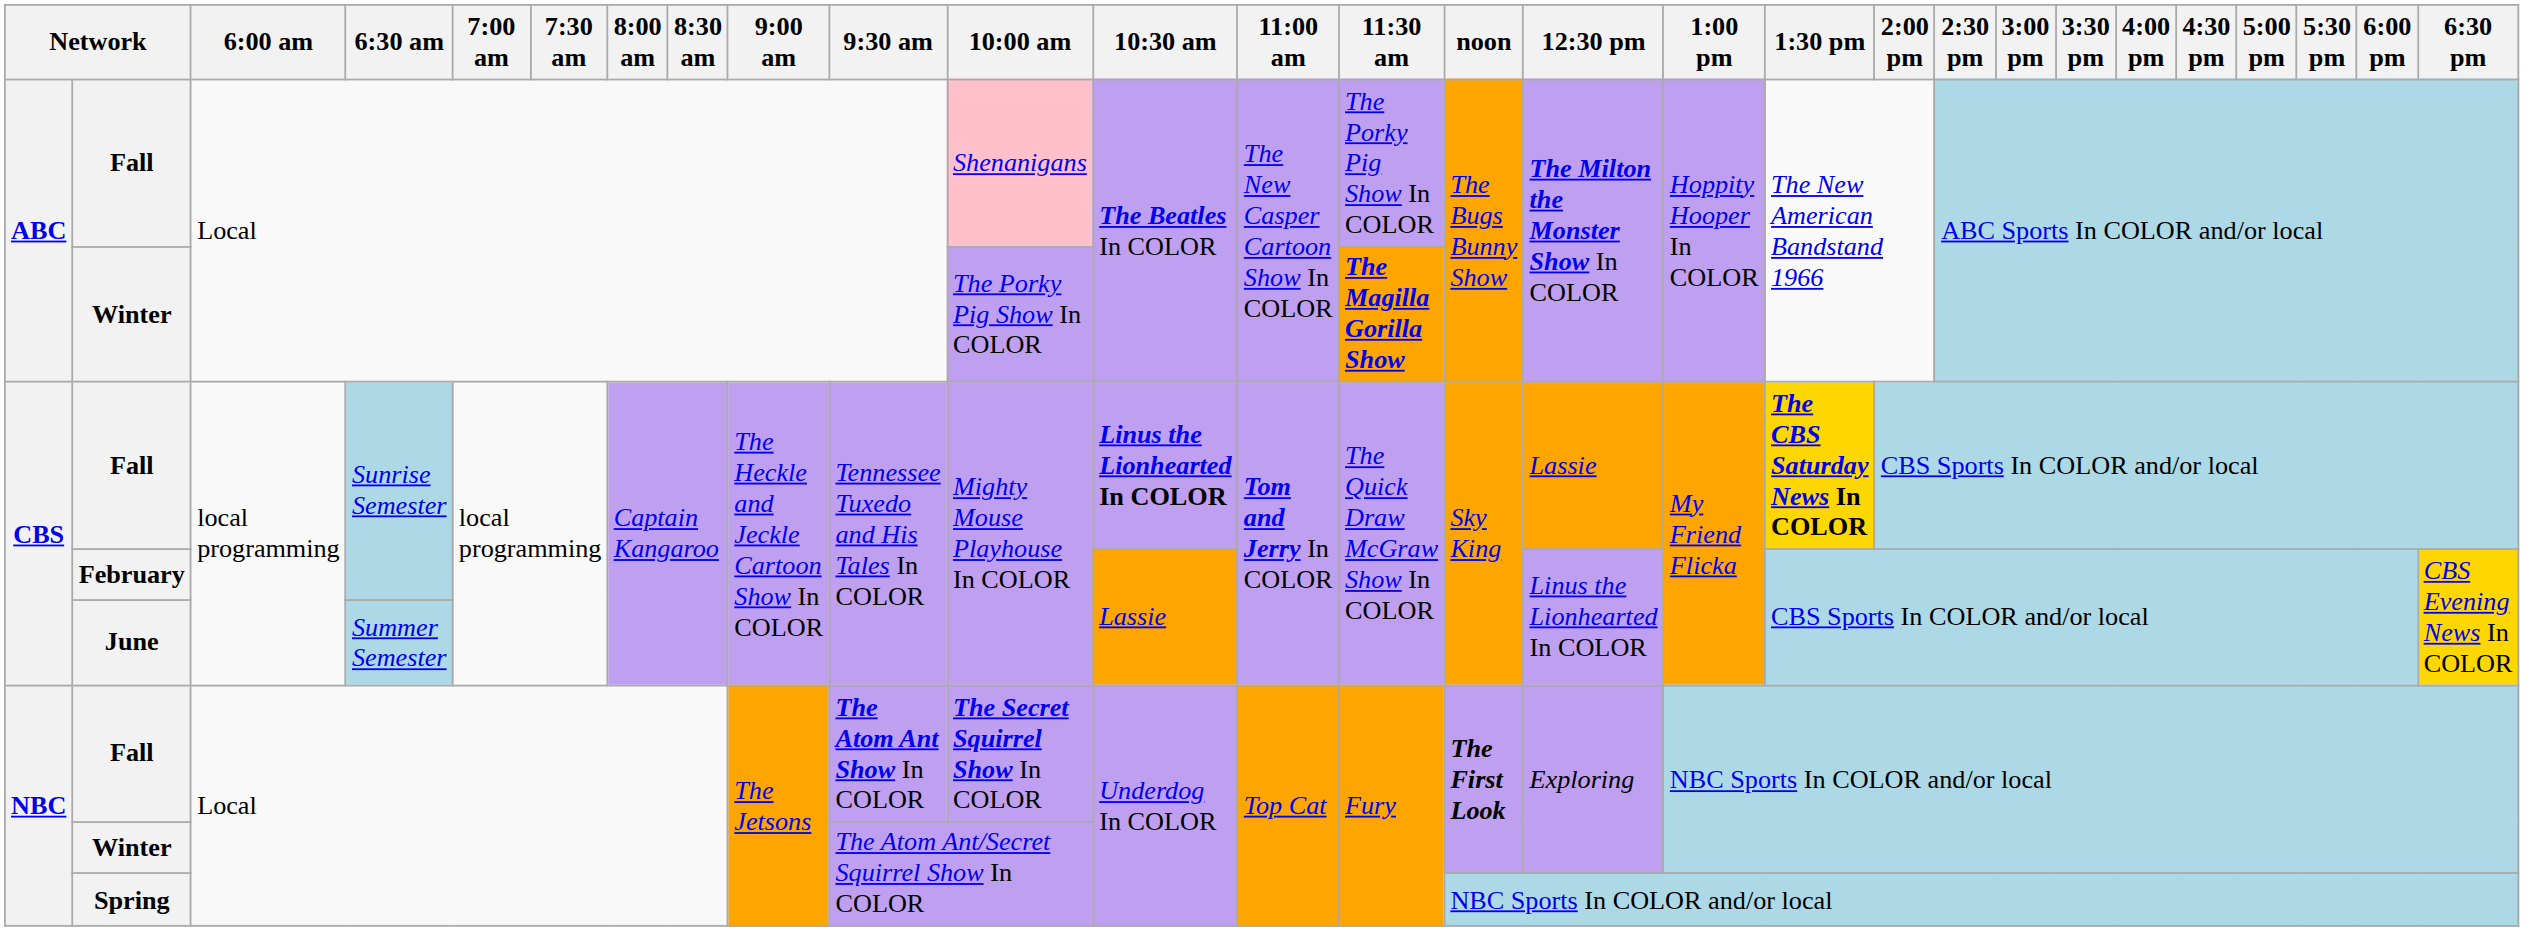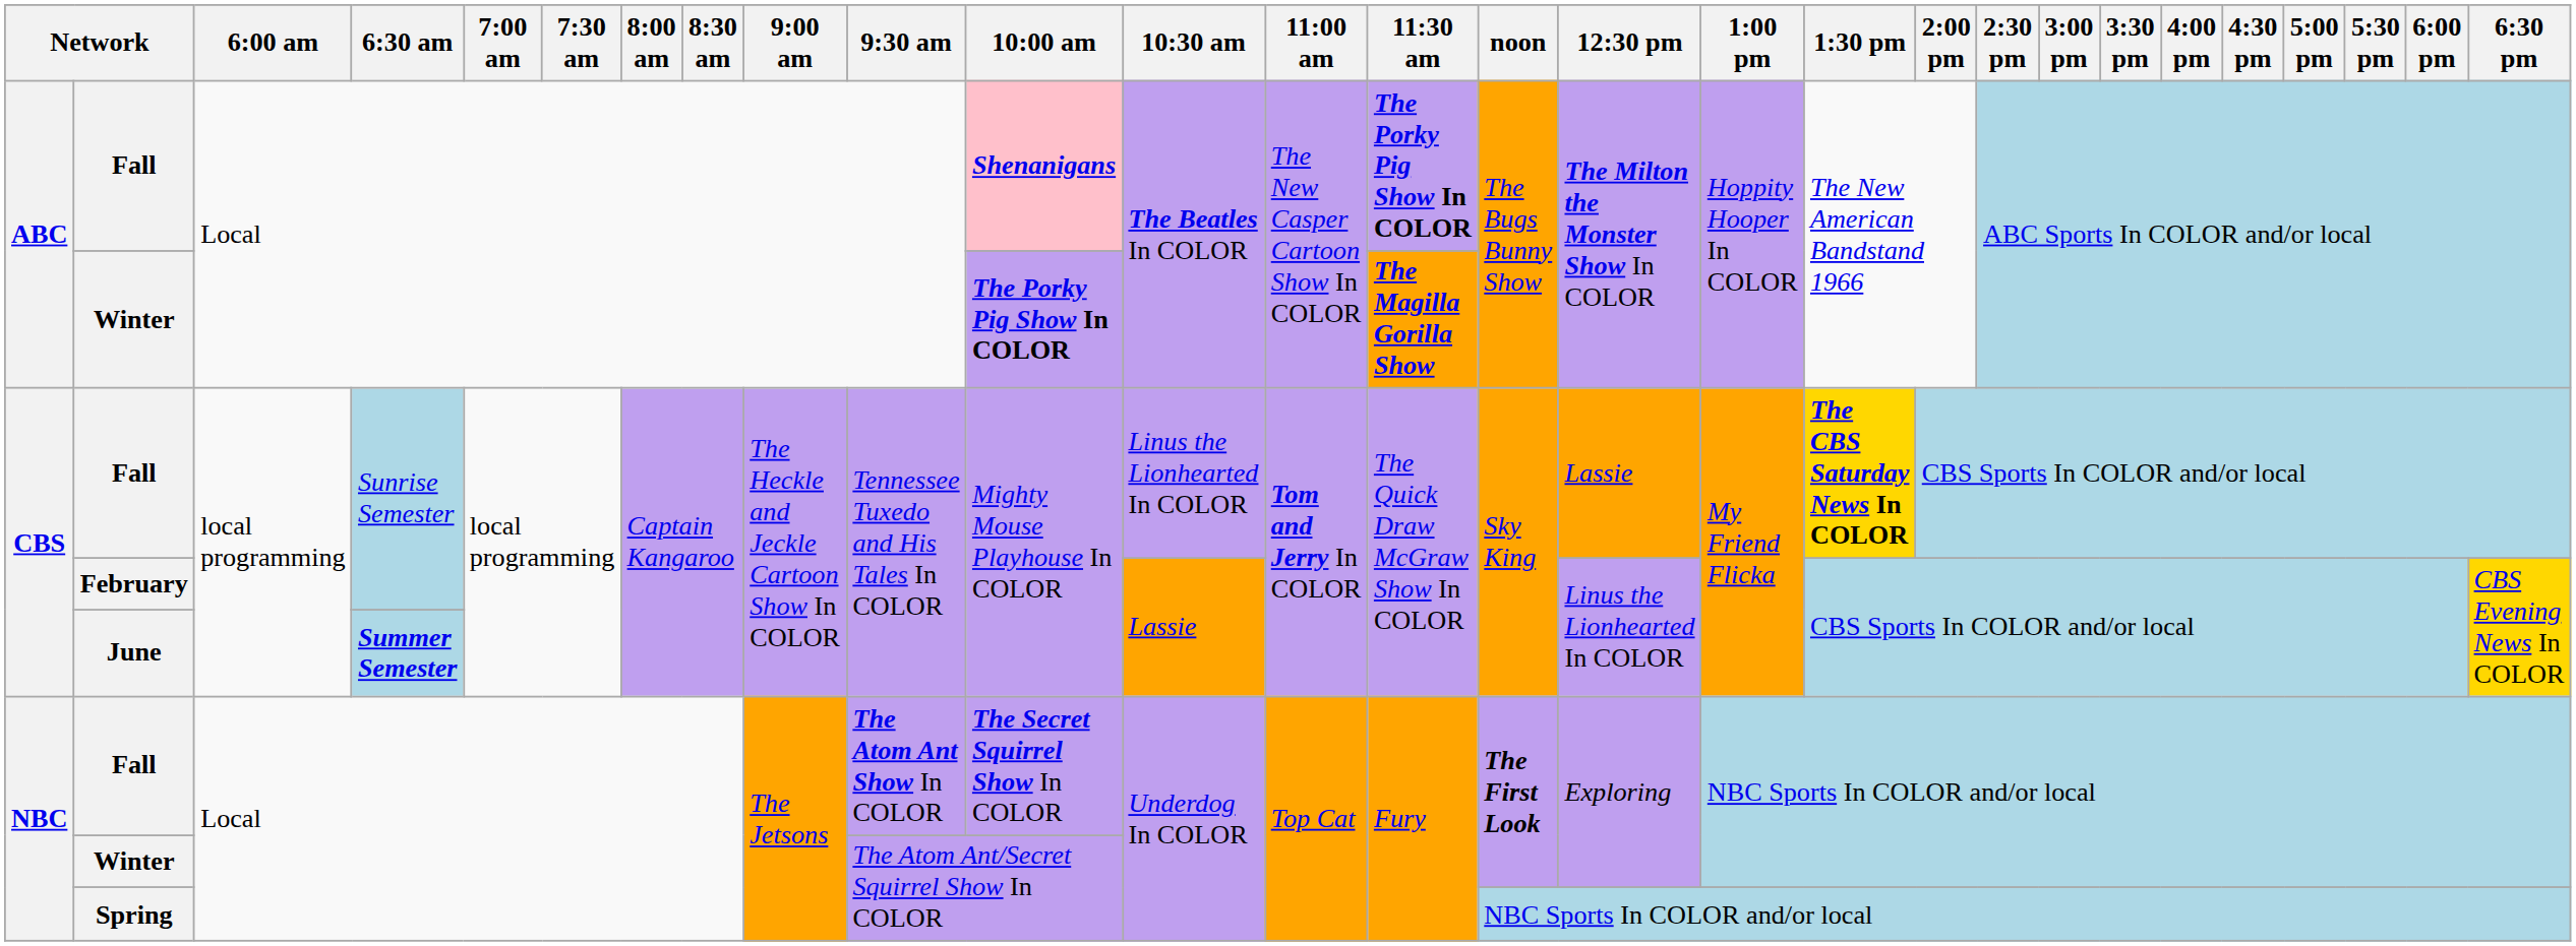 <table class=wikitable style="font-size:90%">
 <tr>
 <th width="1.5%" bgcolor="#C0C0C0" colspan="2">Network</th>
 <th width="4%" bgcolor="#C0C0C0">6:00 am</th>
 <th width="4%" bgcolor="#C0C0C0">6:30 am</th>
 <th width="4%" bgcolor="#C0C0C0">7:00 am</th>
 <th width="4%" bgcolor="#C0C0C0">7:30 am</th>
 <th width="4%" bgcolor="#C0C0C0">8:00 am</th>
 <th width="4%" bgcolor="#C0C0C0">8:30 am</th>
 <th width="4%" bgcolor="#C0C0C0">9:00 am</th>
 <th width="4%" bgcolor="#C0C0C0">9:30 am</th>
 <th width="4%" bgcolor="#C0C0C0">10:00 am</th>
 <th width="4%" bgcolor="#C0C0C0">10:30 am</th>
 <th width="4%" bgcolor="#C0C0C0">11:00 am</th>
 <th width="4%" bgcolor="#C0C0C0">11:30 am</th>
 <th width="4%" bgcolor="#C0C0C0">noon</th>
 <th width="4%" bgcolor="#C0C0C0">12:30 pm</th>
 <th width="4%" bgcolor="#C0C0C0">1:00 pm</th>
 <th width="4%" bgcolor="#C0C0C0">1:30 pm</th>
 <th width="4%" bgcolor="#C0C0C0">2:00 pm</th>
 <th width="4%" bgcolor="#C0C0C0">2:30 pm</th>
 <th width="4%" bgcolor="#C0C0C0">3:00 pm</th>
 <th width="4%" bgcolor="#C0C0C0">3:30 pm</th>
 <th width="4%" bgcolor="#C0C0C0">4:00 pm</th>
 <th>4:30 pm</th>
 <th>5:00 pm</th>
 <th>5:30 pm</th>
 <th>6:00 pm</th>
 <th>6:30 pm</th>
 </tr>
 <tr>
 <th rowspan="2" bgcolor="#C0C0C0"><a href='#'>ABC</a></th>
 <th>Fall</th>
 <td colspan="8" rowspan="2">Local</td>
-<td rowspan="1" bgcolor="pink"><em><a href='#'>Shenanigans</a></em></td>
+<td rowspan="1" bgcolor="pink"><strong><em><a href='#'>Shenanigans</a></em></strong></td>
 <td rowspan="2" bgcolor="bf9fef"><strong><em><a href='#'>The Beatles</a></em></strong> In <span>C</span><span>O</span><span>L</span><span>O</span><span>R</span></td>
 <td rowspan="2" bgcolor="bf9fef"><em><a href='#'>The New Casper Cartoon Show</a></em>  In <span>C</span><span>O</span><span>L</span><span>O</span><span>R</span></td>
-<td bgcolor="bf9fef"><em><a href='#'>The Porky Pig Show</a></em> In <span>C</span><span>O</span><span>L</span><span>O</span><span>R</span></td>
+<td bgcolor="bf9fef"><strong><em><a href='#'>The Porky Pig Show</a></em> In <span>C</span><span>O</span><span>L</span><span>O</span><span>R</span></strong></td>
 <td rowspan="2" bgcolor="orange"><em><a href='#'>The Bugs Bunny Show</a></em> </td>
 <td rowspan="2" bgcolor="bf9fef"><strong><em><a href='#'>The Milton the Monster Show</a></em></strong> In <span>C</span><span>O</span><span>L</span><span>O</span><span>R</span></td>
 <td rowspan="2" bgcolor="bf9fef"><em><a href='#'>Hoppity Hooper</a></em> In <span>C</span><span>O</span><span>L</span><span>O</span><span>R</span></td>
 <td colspan="2" rowspan="2"><em><a href='#'>The New American Bandstand 1966</a></em></td>
 <td colspan="9" rowspan="2" bgcolor="lightblue"><a href='#'>ABC Sports</a> In <span>C</span><span>O</span><span>L</span><span>O</span><span>R</span> and/or local</td>
 </tr>
 <tr>
 <th>Winter</th>
-<td bgcolor=bf9fef><em><a href='#'>The Porky Pig Show</a></em> In <span>C</span><span>O</span><span>L</span><span>O</span><span>R</span></td>
+<td bgcolor=bf9fef><strong><em><a href='#'>The Porky Pig Show</a></em> In <span>C</span><span>O</span><span>L</span><span>O</span><span>R</span></strong></td>
 <td bgcolor="orange"><strong><em><a href='#'>The Magilla Gorilla Show</a></em></strong> </td>
 </tr>
 <tr>
 <th rowspan="3" bgcolor="#C0C0C0"><a href='#'>CBS</a></th>
 <th>Fall</th>
 <td rowspan="3">local programming</td>
 <td bgcolor="lightblue" rowspan="2"><em><a href='#'>Sunrise Semester</a></em></td>
 <td colspan="2" rowspan="3">local programming</td>
 <td colspan="2" rowspan="3" bgcolor="bf9fef"><em><a href='#'>Captain Kangaroo</a></em></td>
 <td rowspan="3" bgcolor="bf9fef"><em><a href='#'>The Heckle and Jeckle Cartoon Show</a></em> In <span>C</span><span>O</span><span>L</span><span>O</span><span>R</span></td>
 <td rowspan="3" bgcolor="bf9fef"><em><a href='#'>Tennessee Tuxedo and His Tales</a></em> In <span>C</span><span>O</span><span>L</span><span>O</span><span>R</span></td>
 <td rowspan="3" bgcolor="bf9fef"><em><a href='#'>Mighty Mouse Playhouse</a></em> In <span>C</span><span>O</span><span>L</span><span>O</span><span>R</span></td>
-<td bgcolor="bf9fef"><strong><em><a href='#'>Linus the Lionhearted</a></em> In <span>C</span><span>O</span><span>L</span><span>O</span><span>R</span></strong></td>
+<td bgcolor="bf9fef"><em><a href='#'>Linus the Lionhearted</a></em> In <span>C</span><span>O</span><span>L</span><span>O</span><span>R</span></td>
 <td rowspan="3" bgcolor="bf9fef"><strong><em><a href='#'>Tom and Jerry</a></em></strong> In <span>C</span><span>O</span><span>L</span><span>O</span><span>R</span></td>
 <td rowspan="3" bgcolor="bf9fef"><em><a href='#'>The Quick Draw McGraw Show</a></em>  In <span>C</span><span>O</span><span>L</span><span>O</span><span>R</span></td>
 <td rowspan="3" bgcolor="orange"><em><a href='#'>Sky King</a></em> </td>
 <td bgcolor="orange"><em><a href='#'>Lassie</a></em> </td>
 <td rowspan="3" bgcolor="orange"><em><a href='#'>My Friend Flicka</a></em> </td>
 <td bgcolor="gold"><strong><em><a href='#'>The CBS Saturday News</a></em> In <span>C</span><span>O</span><span>L</span><span>O</span><span>R</span></strong></td>
 <td colspan="10" bgcolor="lightblue"><a href='#'>CBS Sports</a> In <span>C</span><span>O</span><span>L</span><span>O</span><span>R</span> and/or local</td>
 </tr>
 <tr>
 <th>February</th>
 <td rowspan="2" bgcolor=orange><em><a href='#'>Lassie</a></em> </td>
 <td rowspan="2" bgcolor=bf9fef><em><a href='#'>Linus the Lionhearted</a></em> In <span>C</span><span>O</span><span>L</span><span>O</span><span>R</span></td>
 <td colspan="10" rowspan=2 bgcolor="lightblue"><a href='#'>CBS Sports</a> In <span>C</span><span>O</span><span>L</span><span>O</span><span>R</span> and/or local</td>
 <td bgcolor="gold" rowspan=2><em><a href='#'>CBS Evening News</a></em> In <span>C</span><span>O</span><span>L</span><span>O</span><span>R</span></td>
 </tr>
 <tr>
 <th>June</th>
-<td bgcolor="lightblue"><em><a href='#'>Summer Semester</a></em></td>
+<td bgcolor="lightblue"><strong><em><a href='#'>Summer Semester</a></em></strong></td>
 </tr>
 <tr>
 <th rowspan="3" bgcolor="#C0C0C0"><a href='#'>NBC</a></th>
 <th>Fall</th>
 <td colspan="6" rowspan="3">Local</td>
 <td rowspan="3" bgcolor="orange"><em><a href='#'>The Jetsons</a></em> </td>
 <td rowspan="1" bgcolor="bf9fef"><strong><em><a href='#'>The Atom Ant Show</a></em></strong> In <span>C</span><span>O</span><span>L</span><span>O</span><span>R</span></td>
 <td rowspan="1" bgcolor="bf9fef"><strong><em><a href='#'>The Secret Squirrel Show</a></em></strong> In <span>C</span><span>O</span><span>L</span><span>O</span><span>R</span></td>
 <td bgcolor="bf9fef" rowspan=3><em><a href='#'>Underdog</a></em> In <span>C</span><span>O</span><span>L</span><span>O</span><span>R</span></td>
 <td rowspan="3" bgcolor="orange"><em><a href='#'>Top Cat</a></em> </td>
 <td rowspan="3" bgcolor="orange"><em><a href='#'>Fury</a></em> </td>
 <td rowspan=2 bgcolor="bf9fef"><strong><em>The First Look</em></strong></td>
 <td rowspan=2 bgcolor="bf9fef"><em>Exploring</em></td>
 <td colspan="12" rowspan=2 bgcolor="lightblue"><a href='#'>NBC Sports</a> In <span>C</span><span>O</span><span>L</span><span>O</span><span>R</span> and/or local</td>
 </tr>
 <tr>
 <th>Winter</th>
 <td bgcolor="bf9fef" colspan=2 rowspan=2><em><a href='#'>The Atom Ant/Secret Squirrel Show</a></em> In <span>C</span><span>O</span><span>L</span><span>O</span><span>R</span></td>
 </tr>
 <tr>
 <th>Spring</th>
 <td colspan="14" bgcolor="lightblue"><a href='#'>NBC Sports</a> In <span>C</span><span>O</span><span>L</span><span>O</span><span>R</span> and/or local</td>
 </tr>
 </table>
